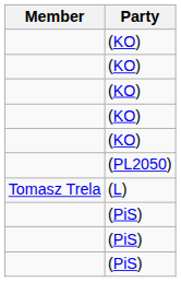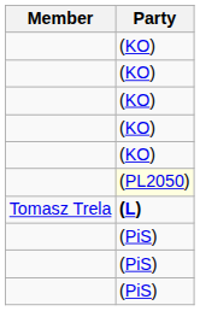 <table class="wikitable">
 <tr>
 <th>Member</th>
 <th colspan="2">Party</th>
 </tr>
 <tr>
 <td></td>
 <td> (<a href='#'>KO</a>)</td>
 </tr>
 <tr>
 <td></td>
 <td> (<a href='#'>KO</a>)</td>
 </tr>
 <tr>
 <td></td>
 <td> (<a href='#'>KO</a>)</td>
 </tr>
 <tr>
 <td></td>
 <td> (<a href='#'>KO</a>)</td>
 </tr>
 <tr>
 <td></td>
 <td> (<a href='#'>KO</a>)</td>
 </tr>
 <tr>
 <td></td>
-<td> (<a href='#'>PL2050</a>)</td>
+<td style="background: lightyellow;"> (<a href='#'>PL2050</a>)</td>
 </tr>
 <tr>
 <td><a href='#'>Tomasz Trela</a></td>
-<td> (<a href='#'>L</a>)</td>
+<td><strong> (<a href='#'>L</a>)</strong></td>
 </tr>
 <tr>
 <td></td>
 <td> (<a href='#'>PiS</a>)</td>
 </tr>
 <tr>
 <td></td>
 <td> (<a href='#'>PiS</a>)</td>
 </tr>
 <tr>
 <td></td>
 <td> (<a href='#'>PiS</a>)</td>
 </tr>
 </table>
